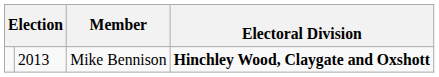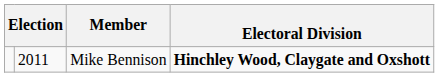 <table class="wikitable">
 <tr>
 <th colspan="2">Election</th>
 <th>Member</th>
 <th><br>Electoral Division</th>
 </tr>
 <tr>
 <td style="background-color: "></td>
-<td>2013</td>
+<td>2011</td>
 <td>Mike Bennison</td>
 <td><strong>Hinchley Wood, Claygate and Oxshott</strong></td>
 </tr>
 </table>
